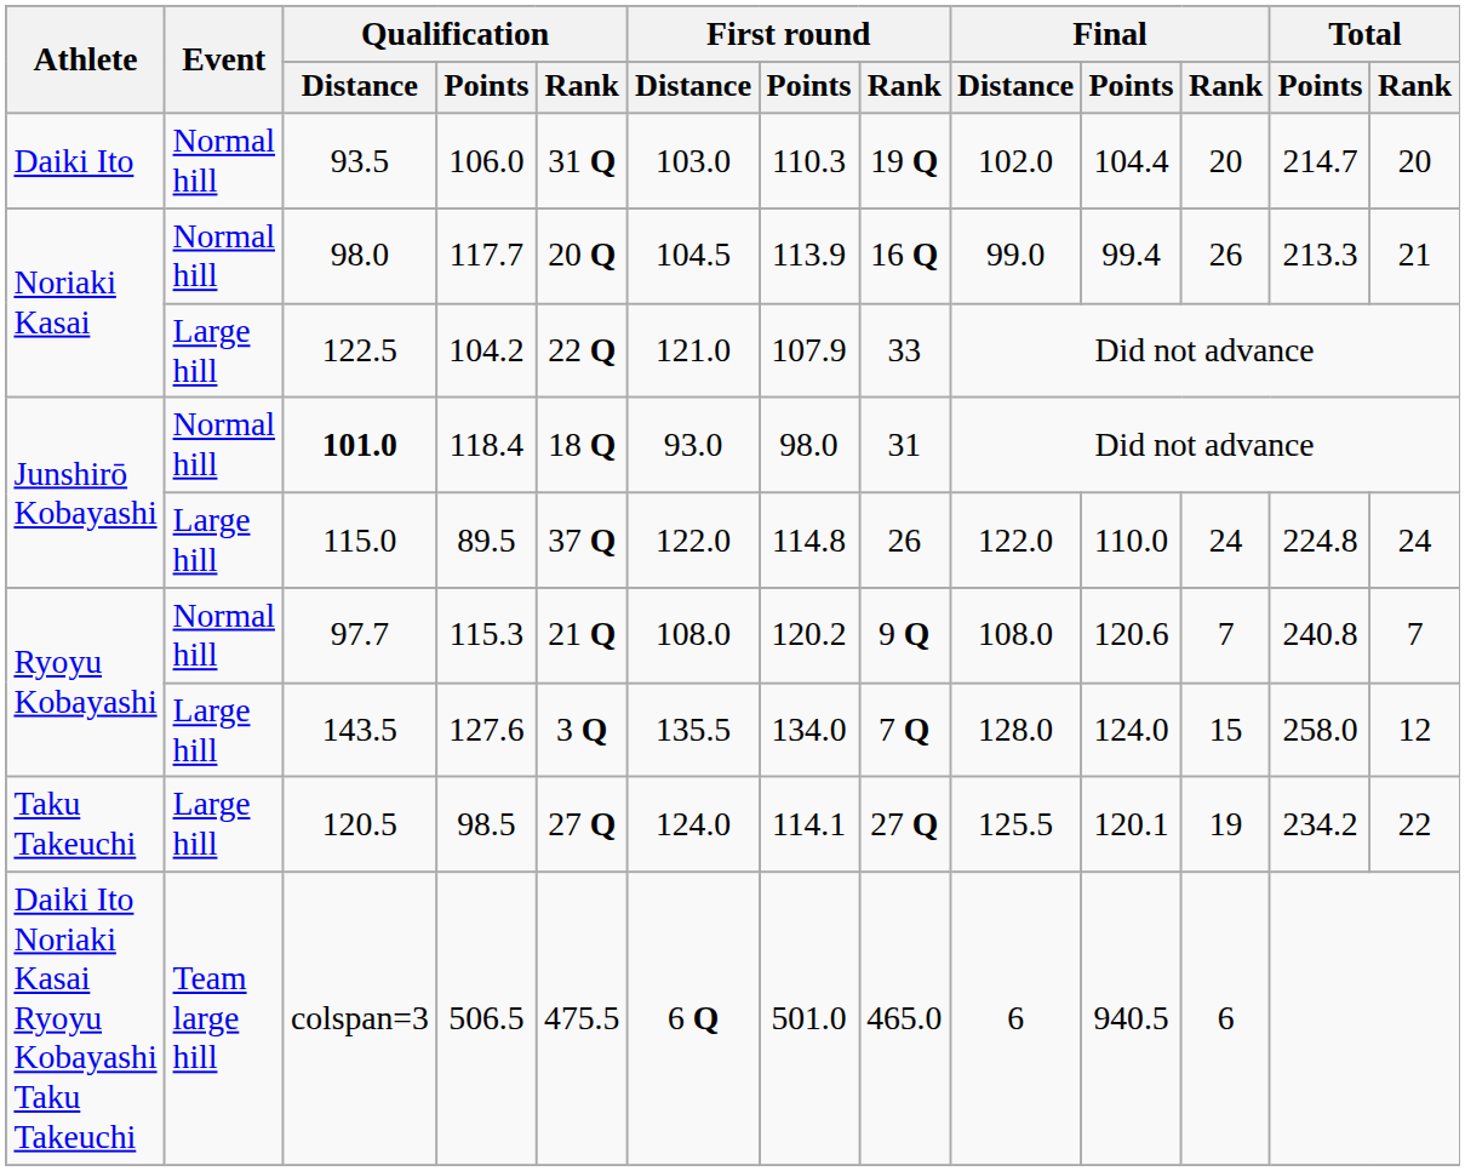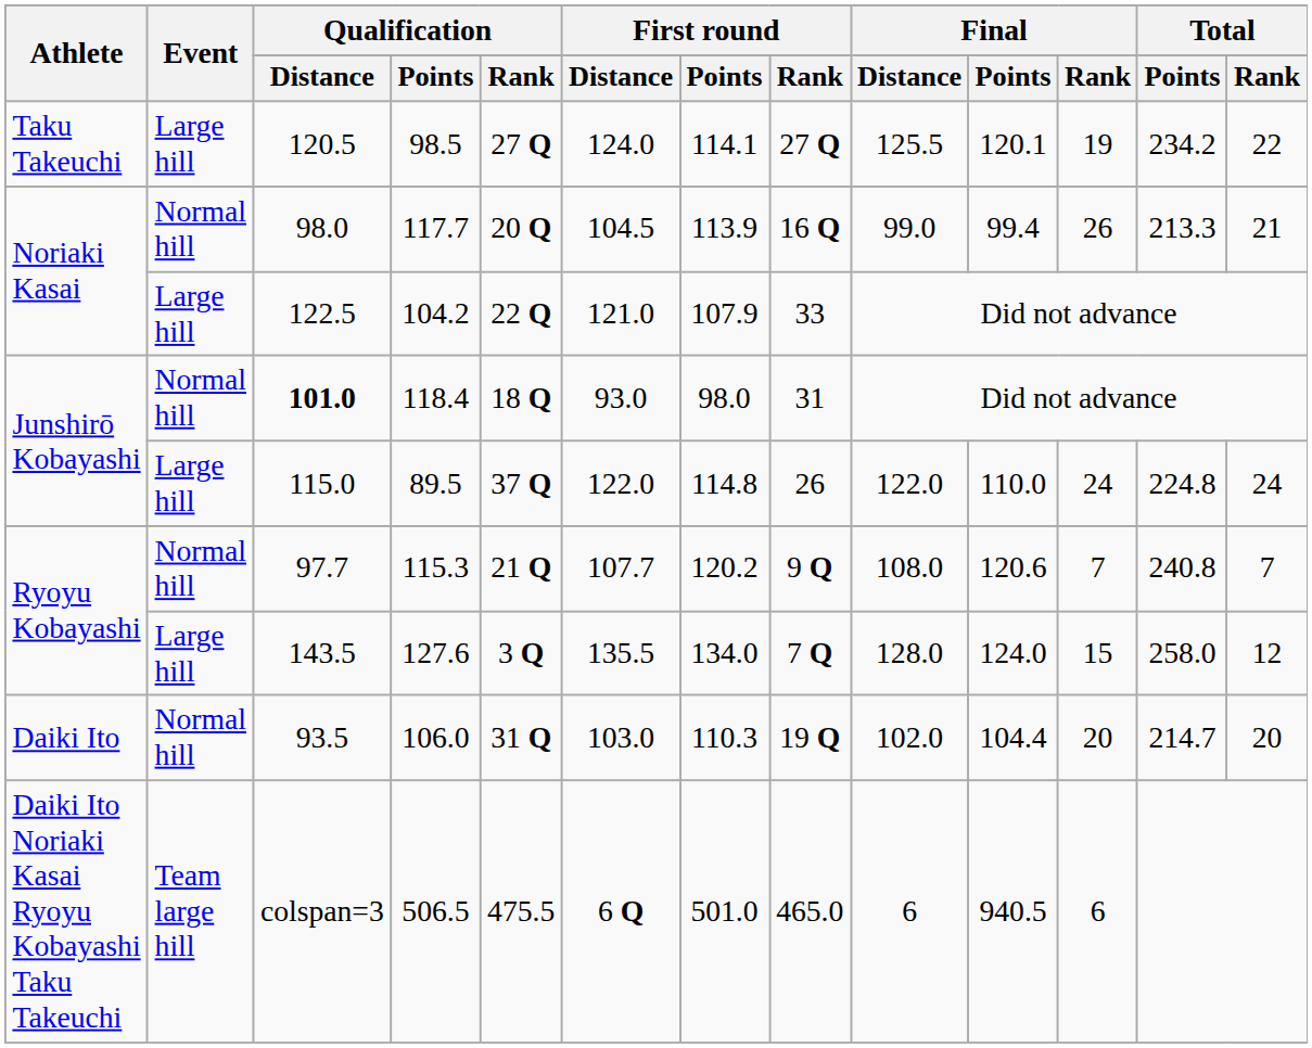 <table class="wikitable" style="font-size:90%">
 <tr>
 <th rowspan=2>Athlete</th>
 <th rowspan=2>Event</th>
 <th colspan=3>Qualification</th>
 <th colspan=3>First round</th>
 <th colspan=3>Final</th>
 <th colspan=2>Total</th>
 </tr>
 <tr style="font-size:95%">
 <th>Distance</th>
 <th>Points</th>
 <th>Rank</th>
 <th>Distance</th>
 <th>Points</th>
 <th>Rank</th>
 <th>Distance</th>
 <th>Points</th>
 <th>Rank</th>
 <th>Points</th>
 <th>Rank</th>
 </tr>
 <tr align=center>
-<td align=left><a href='#'>Daiki Ito</a></td>
-<td align=left><a href='#'>Normal hill</a></td>
-<td>93.5</td>
-<td>106.0</td>
-<td>31 <strong>Q</strong></td>
-<td>103.0</td>
-<td>110.3</td>
-<td>19 <strong>Q</strong></td>
-<td>102.0</td>
-<td>104.4</td>
-<td>20</td>
-<td>214.7</td>
-<td>20</td>
+<td align=left><a href='#'>Taku Takeuchi</a></td>
+<td align=left><a href='#'>Large hill</a></td>
+<td>120.5</td>
+<td>98.5</td>
+<td>27 <strong>Q</strong></td>
+<td>124.0</td>
+<td>114.1</td>
+<td>27 <strong>Q</strong></td>
+<td>125.5</td>
+<td>120.1</td>
+<td>19</td>
+<td>234.2</td>
+<td>22</td>
 </tr>
 <tr align=center>
 <td align=left rowspan=2><a href='#'>Noriaki Kasai</a></td>
 <td align=left><a href='#'>Normal hill</a></td>
 <td>98.0</td>
 <td>117.7</td>
 <td>20 <strong>Q</strong></td>
 <td>104.5</td>
 <td>113.9</td>
 <td>16 <strong>Q</strong></td>
 <td>99.0</td>
 <td>99.4</td>
 <td>26</td>
 <td>213.3</td>
 <td>21</td>
 </tr>
 <tr align=center>
 <td align=left><a href='#'>Large hill</a></td>
 <td>122.5</td>
 <td>104.2</td>
 <td>22 <strong>Q</strong></td>
 <td>121.0</td>
 <td>107.9</td>
 <td>33</td>
 <td colspan=5>Did not advance</td>
 </tr>
 <tr align=center>
 <td align=left rowspan=2><a href='#'>Junshirō Kobayashi</a></td>
 <td align=left><a href='#'>Normal hill</a></td>
 <td><strong>101.0</strong></td>
 <td>118.4</td>
 <td>18 <strong>Q</strong></td>
 <td>93.0</td>
 <td>98.0</td>
 <td>31</td>
 <td colspan=5>Did not advance</td>
 </tr>
 <tr align=center>
 <td align=left><a href='#'>Large hill</a></td>
 <td>115.0</td>
 <td>89.5</td>
 <td>37 <strong>Q</strong></td>
 <td>122.0</td>
 <td>114.8</td>
 <td>26</td>
 <td>122.0</td>
 <td>110.0</td>
 <td>24</td>
 <td>224.8</td>
 <td>24</td>
 </tr>
 <tr align=center>
 <td align=left rowspan=2><a href='#'>Ryoyu Kobayashi</a></td>
 <td align=left><a href='#'>Normal hill</a></td>
 <td>97.7</td>
 <td>115.3</td>
 <td>21 <strong>Q</strong></td>
-<td>108.0</td>
+<td>107.7</td>
 <td>120.2</td>
 <td>9 <strong>Q</strong></td>
 <td>108.0</td>
 <td>120.6</td>
 <td>7</td>
 <td>240.8</td>
 <td>7</td>
 </tr>
 <tr align=center>
 <td align=left><a href='#'>Large hill</a></td>
 <td>143.5</td>
 <td>127.6</td>
 <td>3 <strong>Q</strong></td>
 <td>135.5</td>
 <td>134.0</td>
 <td>7 <strong>Q</strong></td>
 <td>128.0</td>
 <td>124.0</td>
 <td>15</td>
 <td>258.0</td>
 <td>12</td>
 </tr>
 <tr align=center>
-<td align=left><a href='#'>Taku Takeuchi</a></td>
-<td align=left><a href='#'>Large hill</a></td>
-<td>120.5</td>
-<td>98.5</td>
-<td>27 <strong>Q</strong></td>
-<td>124.0</td>
-<td>114.1</td>
-<td>27 <strong>Q</strong></td>
-<td>125.5</td>
-<td>120.1</td>
-<td>19</td>
-<td>234.2</td>
-<td>22</td>
+<td align=left><a href='#'>Daiki Ito</a></td>
+<td align=left><a href='#'>Normal hill</a></td>
+<td>93.5</td>
+<td>106.0</td>
+<td>31 <strong>Q</strong></td>
+<td>103.0</td>
+<td>110.3</td>
+<td>19 <strong>Q</strong></td>
+<td>102.0</td>
+<td>104.4</td>
+<td>20</td>
+<td>214.7</td>
+<td>20</td>
 </tr>
 <tr align=center>
 <td align=left><a href='#'>Daiki Ito</a><br><a href='#'>Noriaki Kasai</a><br><a href='#'>Ryoyu Kobayashi</a><br><a href='#'>Taku Takeuchi</a></td>
 <td align=left><a href='#'>Team large hill</a></td>
 <td>colspan=3 </td>
 <td>506.5</td>
 <td>475.5</td>
 <td>6 <strong>Q</strong></td>
 <td>501.0</td>
 <td>465.0</td>
 <td>6</td>
 <td>940.5</td>
 <td>6</td>
 </tr>
 </table>
